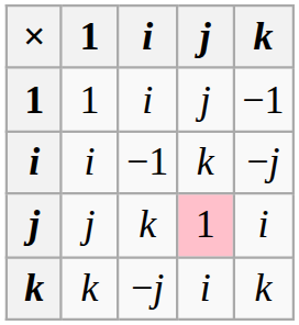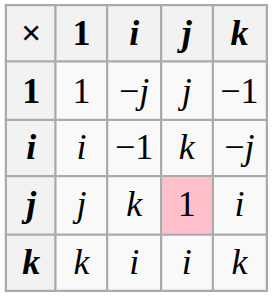 <table class="wikitable" align="right" style="text-align:center">
 <tr>
 <th width=15>×</th>
 <th width=15>1</th>
 <th width=15><em>i</em></th>
 <th width=15><em>j</em></th>
 <th width=15><em>k</em></th>
 </tr>
 <tr>
 <th>1</th>
 <td>1</td>
-<td><em>i</em></td>
+<td>−<em>j</em></td>
 <td><em>j</em></td>
 <td>−1</td>
 </tr>
 <tr>
 <th><em>i</em></th>
 <td><em>i</em></td>
 <td>−1</td>
 <td><em>k</em></td>
 <td>−<em>j</em></td>
 </tr>
 <tr>
 <th><em>j</em></th>
 <td><em>j</em></td>
 <td><em>k</em></td>
 <td style="background: pink;">1</td>
 <td><em>i</em></td>
 </tr>
 <tr>
 <th><em>k</em></th>
 <td><em>k</em></td>
-<td>−<em>j</em></td>
+<td><em>i</em></td>
 <td><em>i</em></td>
 <td><em>k</em></td>
 </tr>
 </table>
